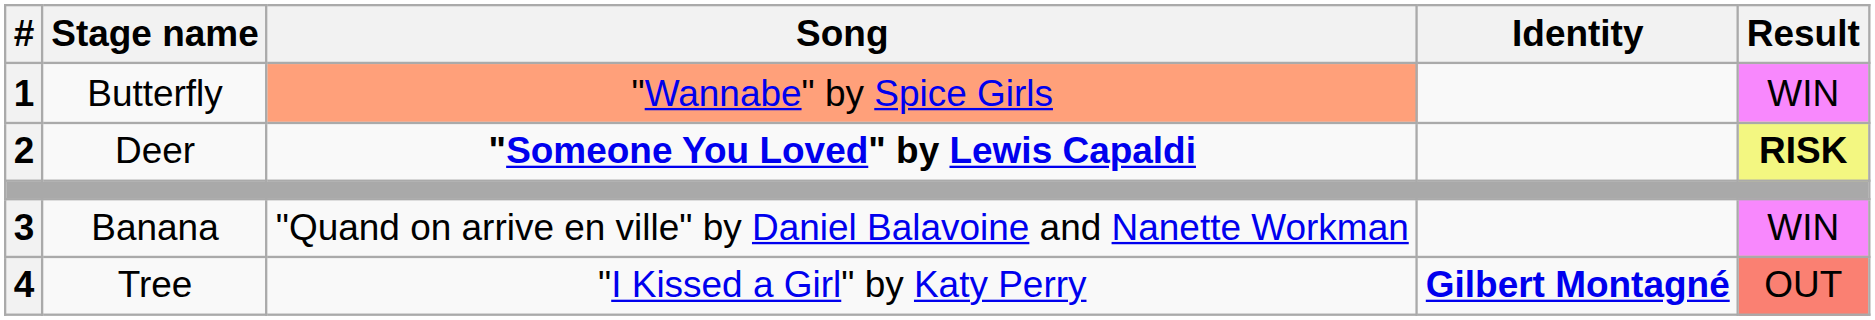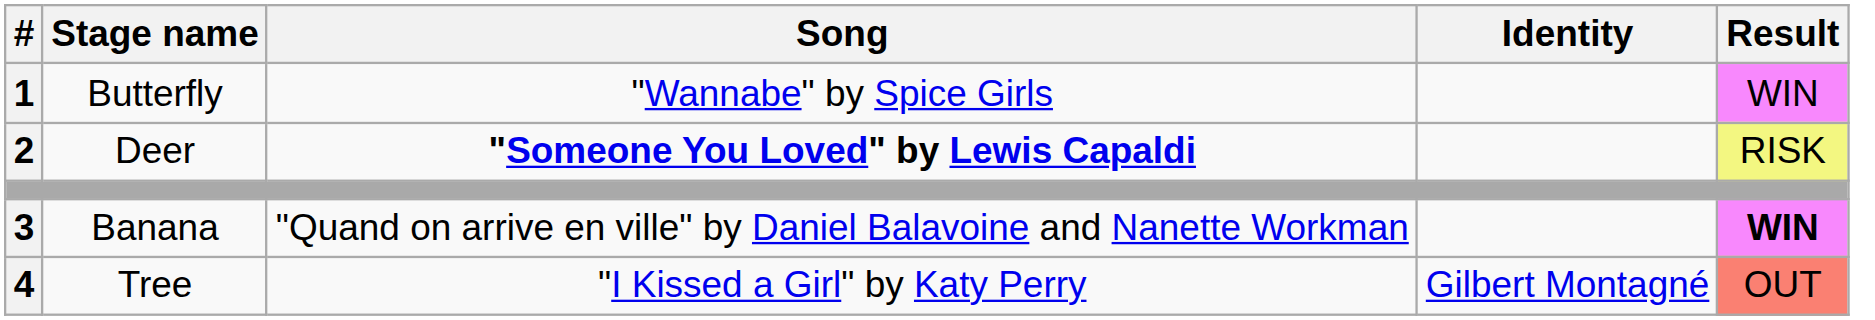 <table class="wikitable plainrowheaders" style="text-align: center;">
 <tr>
 <th>#</th>
 <th>Stage name</th>
 <th>Song</th>
 <th>Identity</th>
 <th>Result</th>
 </tr>
 <tr>
 <th>1</th>
 <td>Butterfly</td>
-<td style="background: lightsalmon;">"<a href='#'>Wannabe</a>" by <a href='#'>Spice Girls</a></td>
+<td>"<a href='#'>Wannabe</a>" by <a href='#'>Spice Girls</a></td>
 <td></td>
 <td bgcolor=#F888FD>WIN</td>
 </tr>
 <tr>
 <th>2</th>
 <td>Deer</td>
 <td><strong>"<a href='#'>Someone You Loved</a>" by <a href='#'>Lewis Capaldi</a></strong></td>
 <td></td>
-<td bgcolor="#F3F781"><strong>RISK</strong></td>
+<td bgcolor="#F3F781">RISK</td>
 </tr>
 <tr>
 <td colspan="5" style="background:darkgray"></td>
 </tr>
 <tr>
 <th>3</th>
 <td>Banana</td>
 <td>"Quand on arrive en ville" by <a href='#'>Daniel Balavoine</a> and <a href='#'>Nanette Workman</a></td>
 <td></td>
-<td bgcolor=#F888FD>WIN</td>
+<td bgcolor=#F888FD><strong>WIN</strong></td>
 </tr>
 <tr>
 <th>4</th>
 <td>Tree</td>
 <td>"<a href='#'>I Kissed a Girl</a>" by <a href='#'>Katy Perry</a></td>
-<td><strong><a href='#'>Gilbert Montagné</a></strong></td>
+<td><a href='#'>Gilbert Montagné</a></td>
 <td bgcolor=salmon>OUT</td>
 </tr>
 </table>
